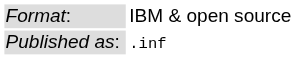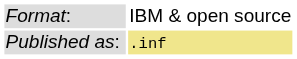 <table style="text-align:left;">
 <tr>
 <td style="background:#ddd; width:100px;"><em>Format</em>:</td>
 <td>IBM & open source</td>
 </tr>
 <tr>
 <td style="background:#ddd;"><em>Published as</em>:</td>
-<td><code>.inf</code></td>
+<td style="background: khaki;"><code>.inf</code></td>
 </tr>
 </table>
